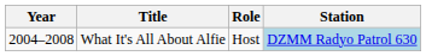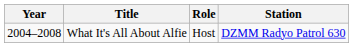 <table class="wikitable">
 <tr>
 <th>Year</th>
 <th>Title</th>
 <th>Role</th>
 <th>Station</th>
 </tr>
 <tr>
 <td>2004–2008</td>
 <td>What It's All About Alfie</td>
 <td>Host</td>
-<td style="background: lightblue;"><a href='#'>DZMM Radyo Patrol 630</a></td>
+<td><a href='#'>DZMM Radyo Patrol 630</a></td>
 </tr>
 </table>
